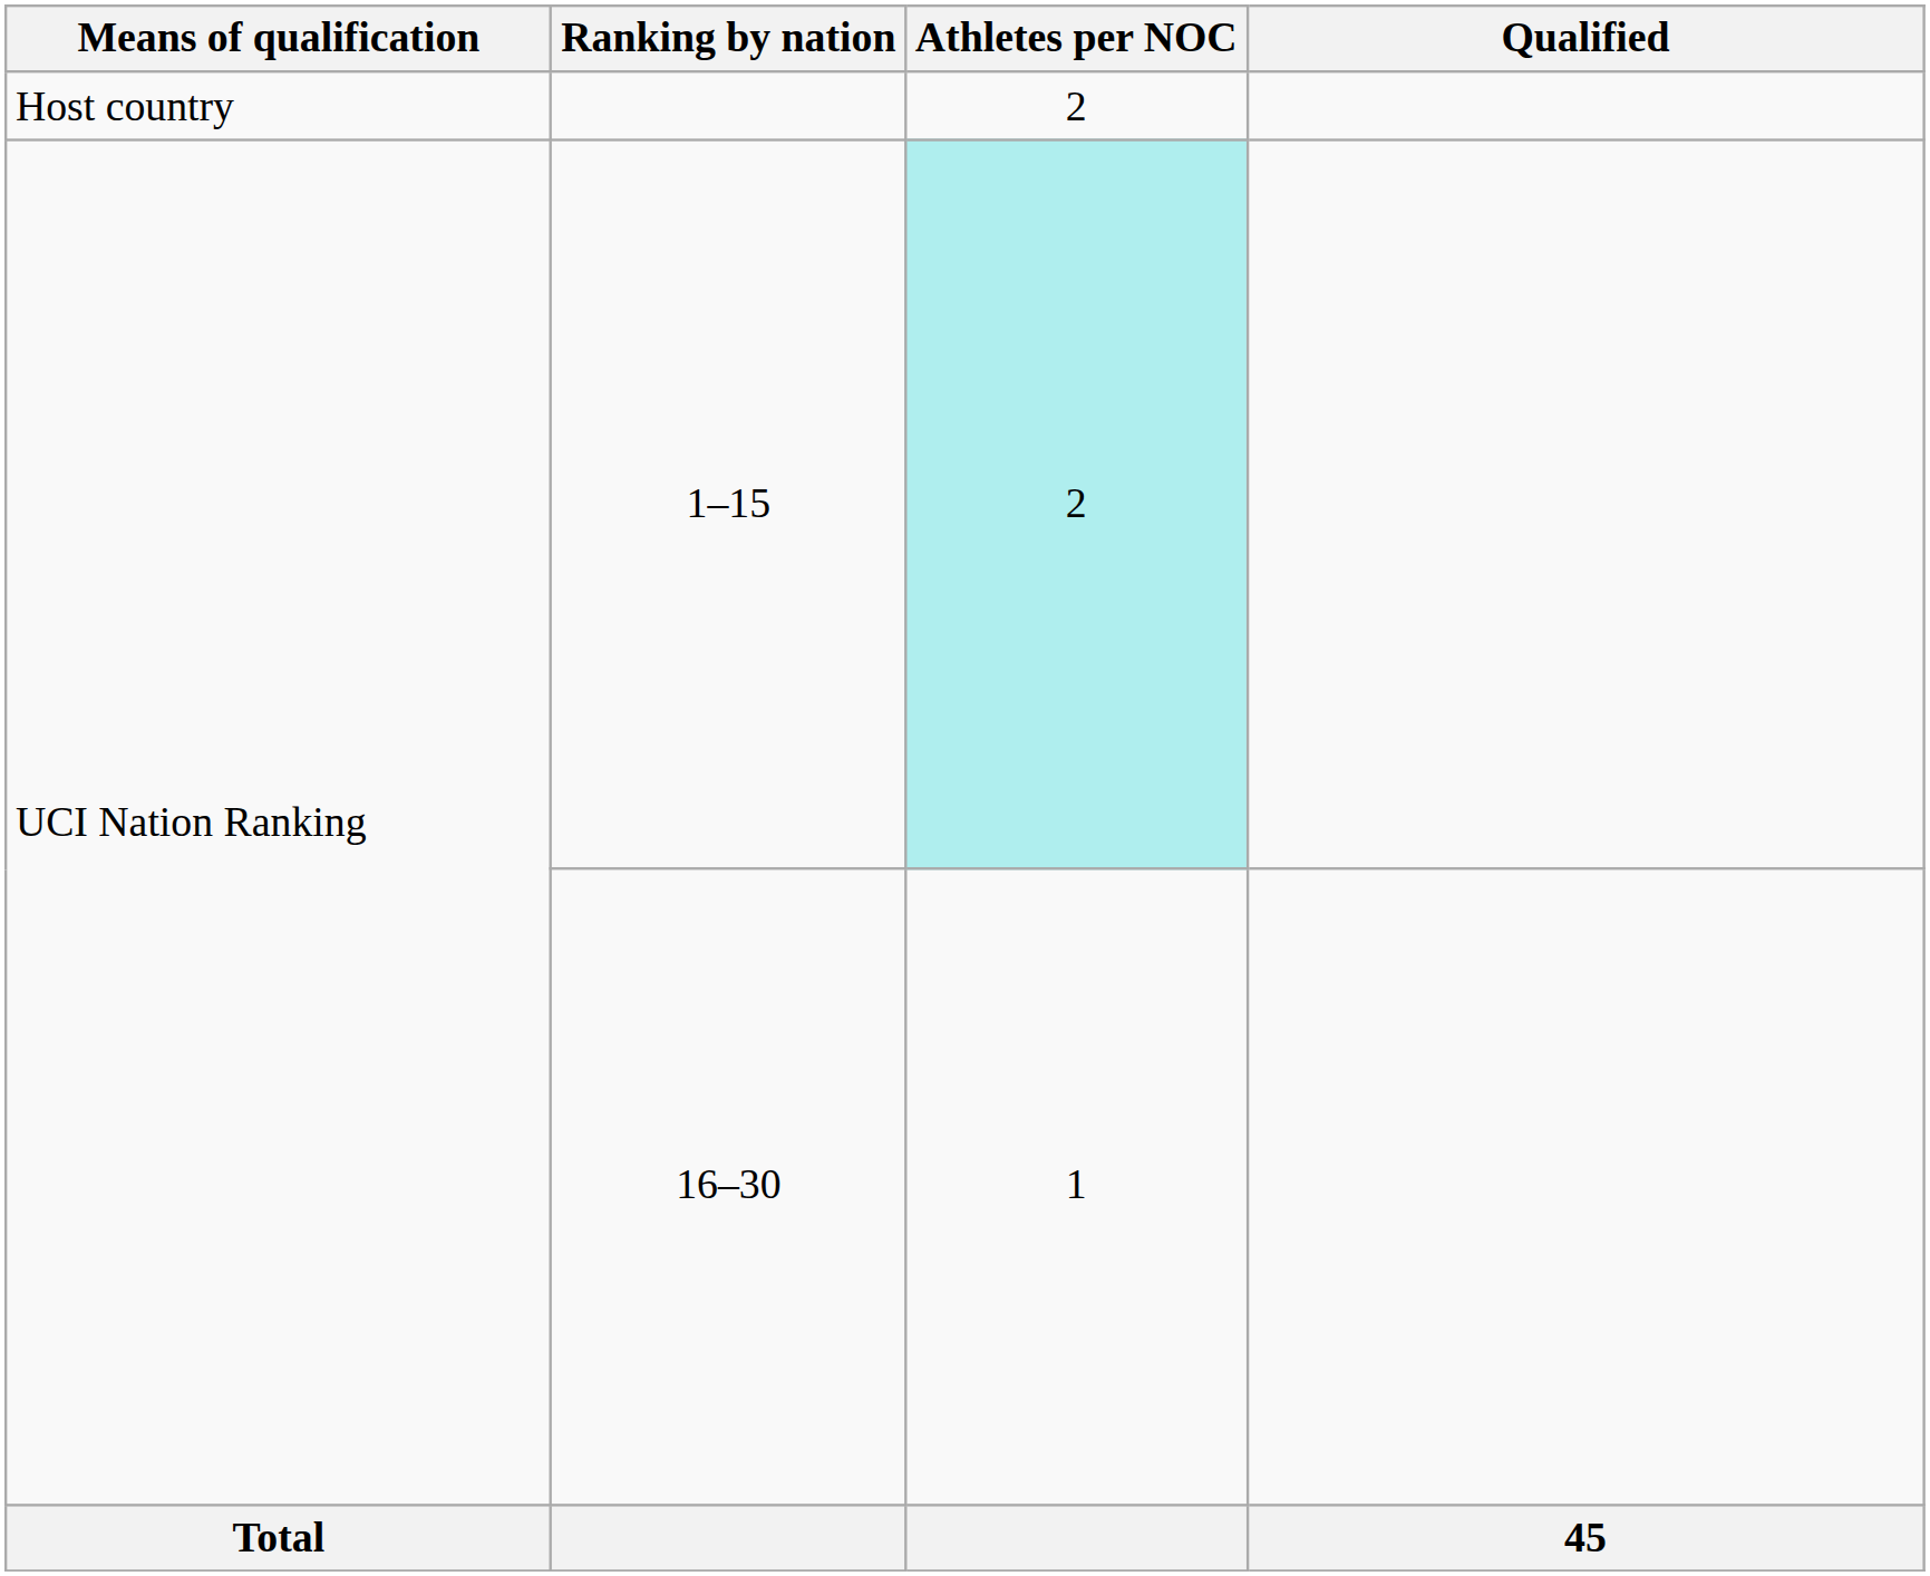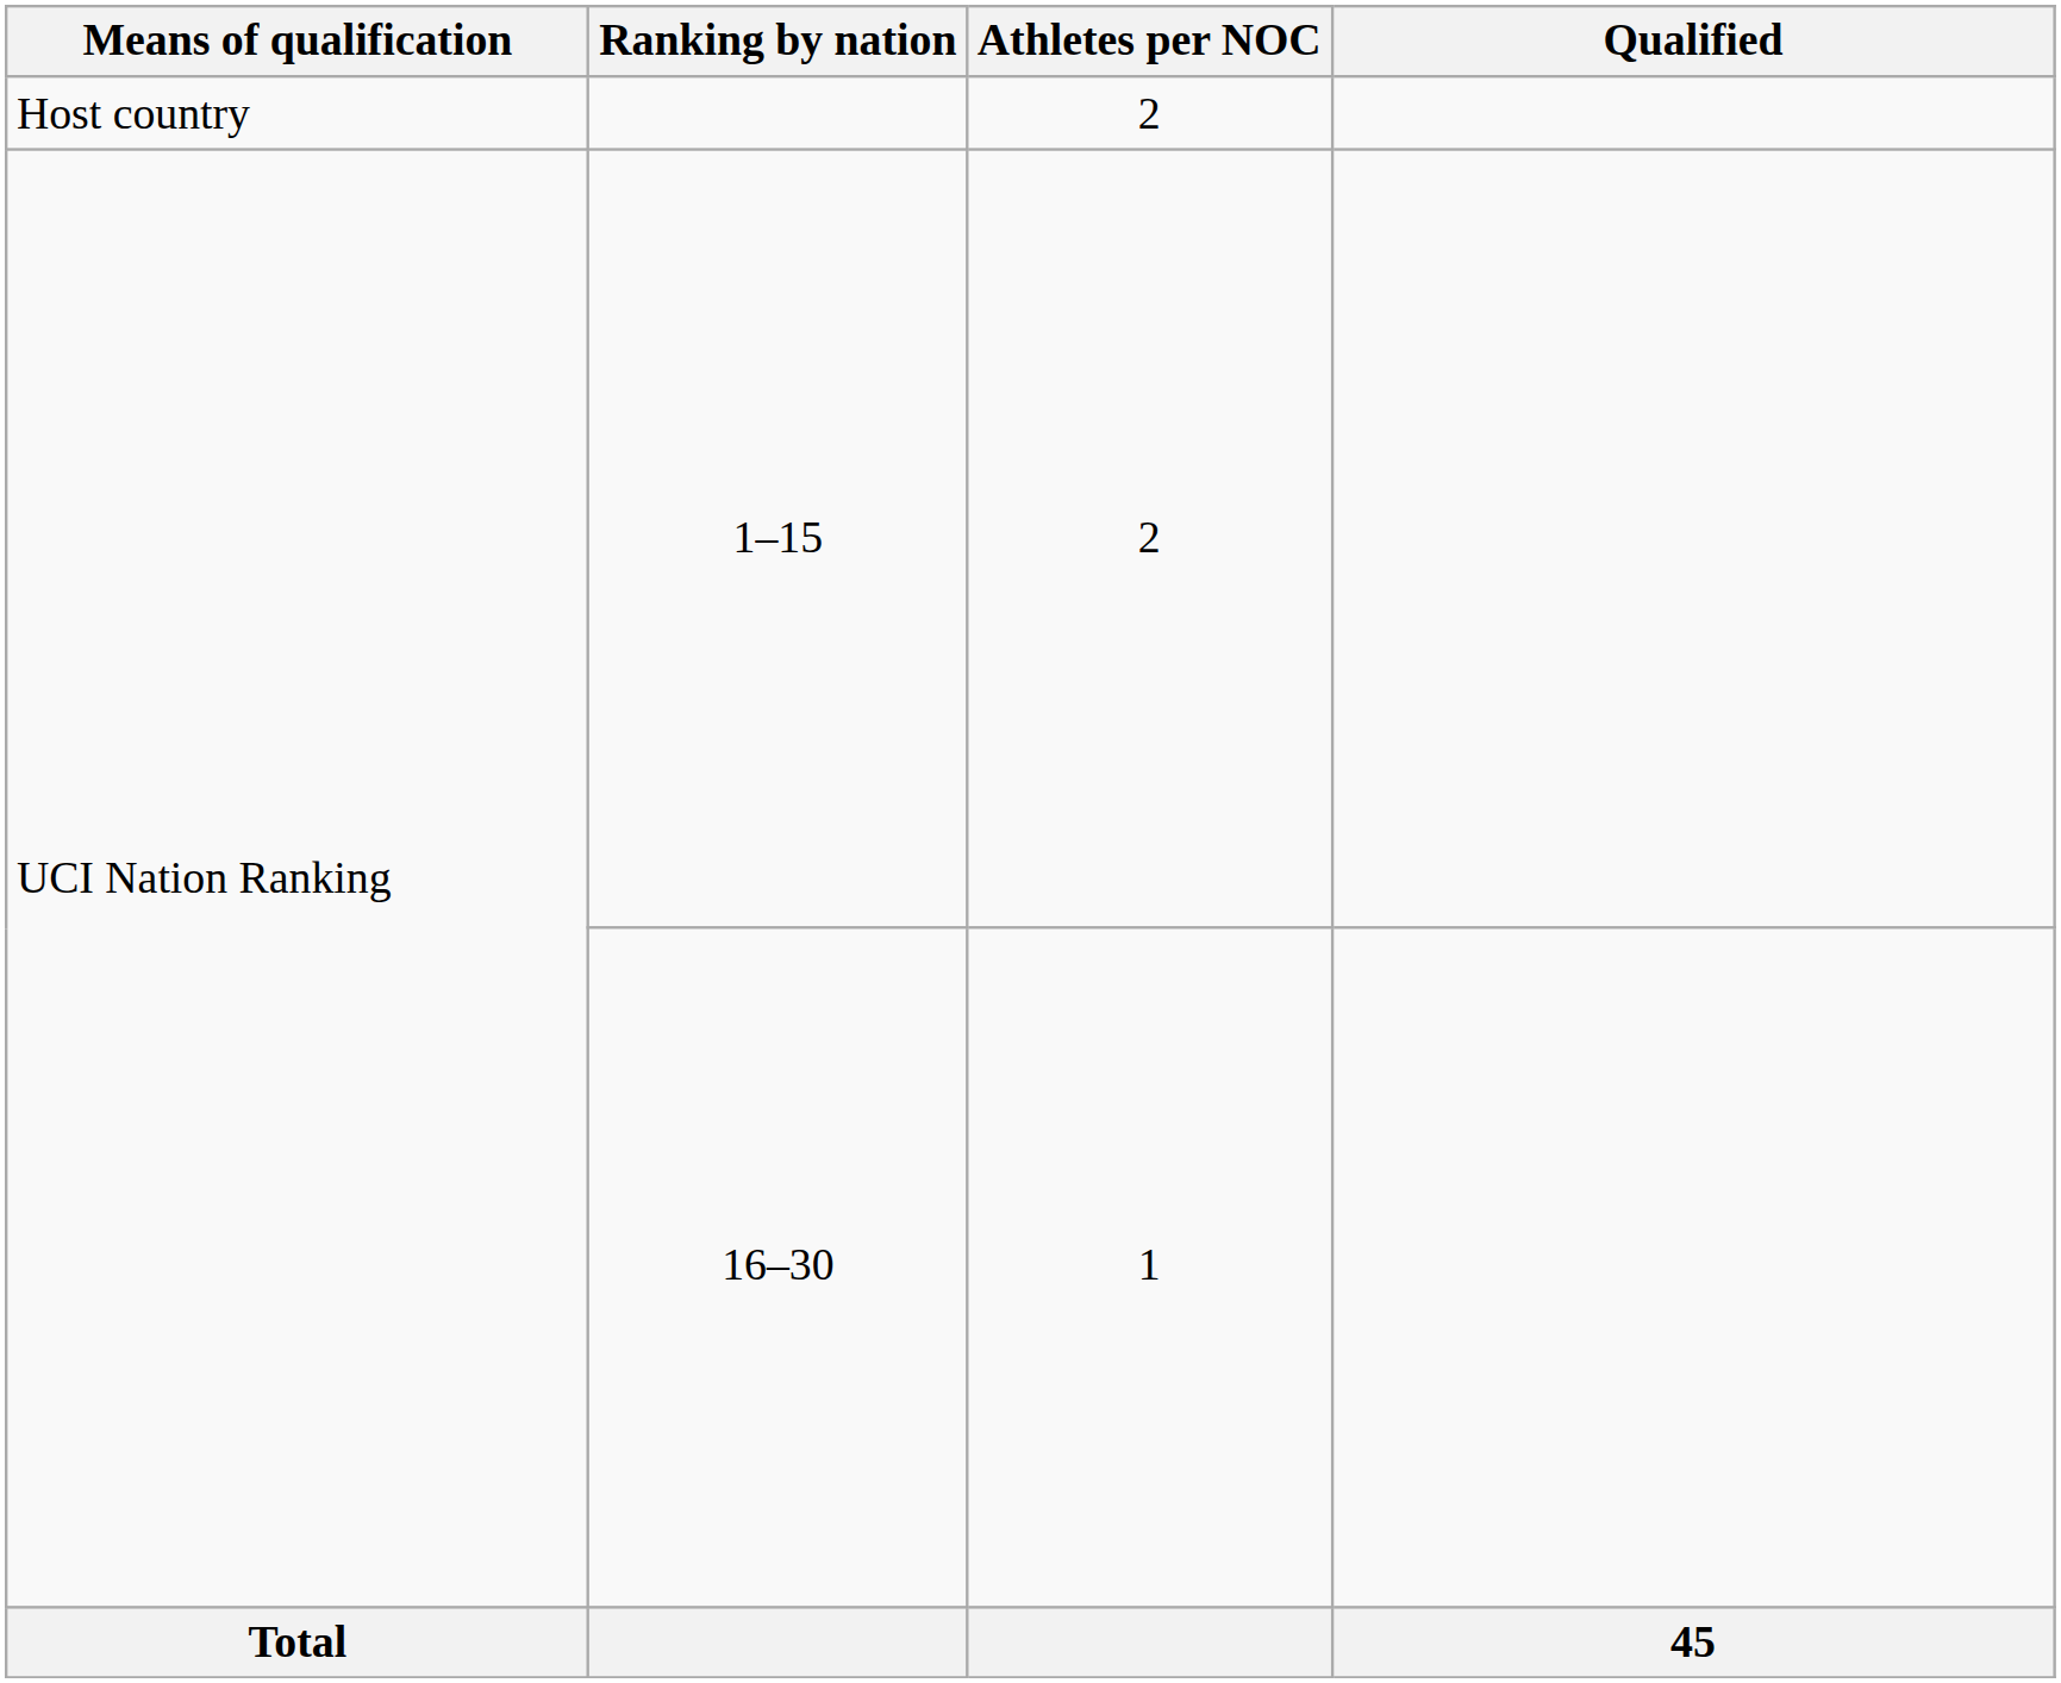 <table class="wikitable"  style="text-align:center;">
 <tr>
 <th width="200">Means of qualification</th>
 <th>Ranking by nation</th>
 <th>Athletes per NOC</th>
 <th width="250">Qualified</th>
 </tr>
 <tr>
 <td style="text-align:left;">Host country</td>
 <td></td>
 <td>2</td>
 <td align="left"></td>
 </tr>
 <tr>
 <td style="text-align:left;" rowspan="2">UCI Nation Ranking</td>
 <td>1–15</td>
-<td style="background: paleturquoise;">2</td>
+<td>2</td>
 <td align="left"><br><br><br><br><br><br><br><br><br><br><br><br><br><br><br></td>
 </tr>
 <tr>
 <td>16–30</td>
 <td>1</td>
 <td align="left"><br><br><br><br><br><br><br><br><br><br><br><br><br></td>
 </tr>
 <tr>
 <th>Total</th>
 <th></th>
 <th></th>
 <th>45</th>
 </tr>
 </table>
